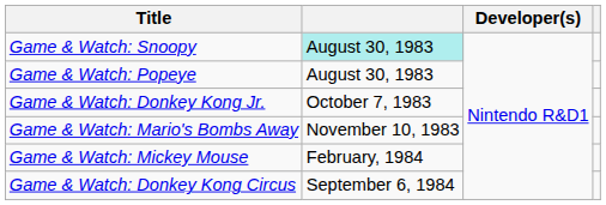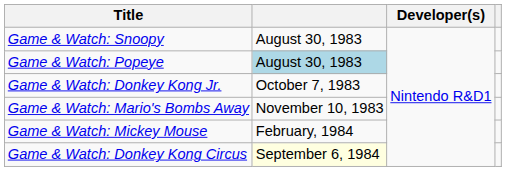 <table class="wikitable plainrowheaders sortable">
 <tr>
 <th scope="col">Title</th>
 <th scope="col" data-sort-type="date"></th>
 <th scope="col">Developer(s)</th>
 <th scope="col" class="unsortable"></th>
 </tr>
 <tr>
 <td><em><a href='#'>Game & Watch: Snoopy</a></em></td>
-<td style="background: paleturquoise;">August 30, 1983</td>
+<td>August 30, 1983</td>
 <td rowspan="6"><a href='#'>Nintendo R&D1</a></td>
 <td></td>
 </tr>
 <tr>
 <td><em><a href='#'>Game & Watch: Popeye</a></em></td>
-<td>August 30, 1983</td>
+<td style="background: lightblue;">August 30, 1983</td>
 <td></td>
 </tr>
 <tr>
 <td><em><a href='#'>Game & Watch: Donkey Kong Jr.</a></em></td>
 <td>October 7, 1983</td>
 <td></td>
 </tr>
 <tr>
 <td><em><a href='#'>Game & Watch: Mario's Bombs Away</a></em></td>
 <td>November 10, 1983</td>
 <td></td>
 </tr>
 <tr>
 <td><em><a href='#'>Game & Watch: Mickey Mouse</a></em></td>
 <td>February, 1984</td>
 <td></td>
 </tr>
 <tr>
 <td><em><a href='#'>Game & Watch: Donkey Kong Circus</a></em></td>
-<td>September 6, 1984</td>
+<td style="background: lightyellow;">September 6, 1984</td>
 <td></td>
 </tr>
 </table>
